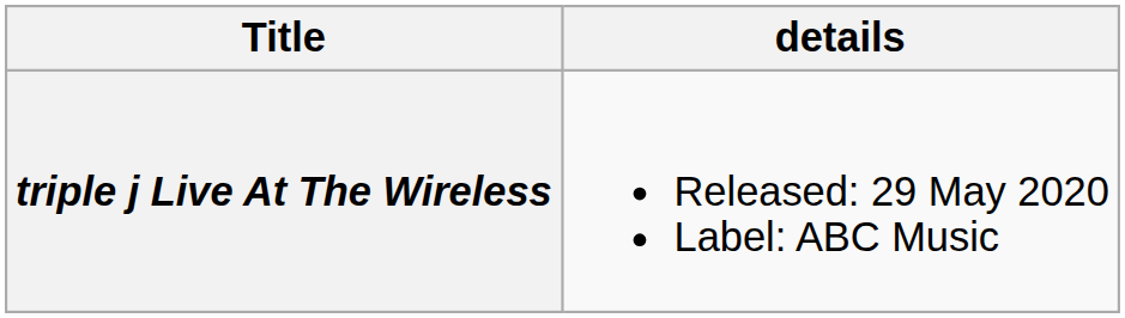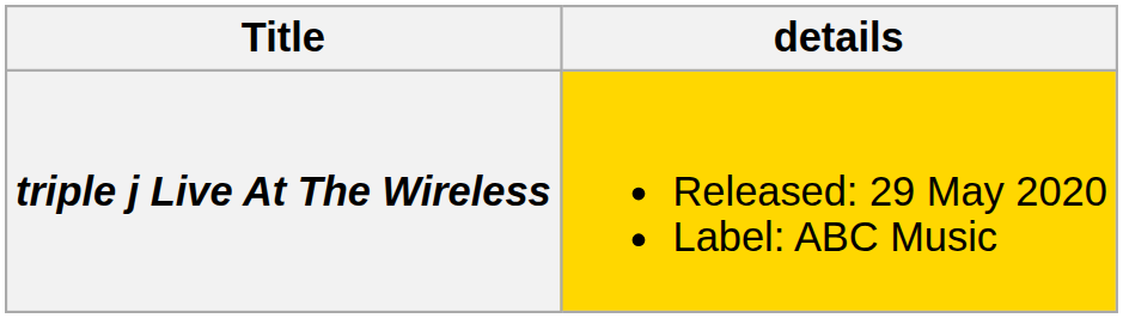 <table class="wikitable plainrowheaders">
 <tr>
 <th align="center" rowspan="1">Title</th>
 <th align="center" rowspan="1">details</th>
 </tr>
 <tr>
 <th scope="row"><em>triple j Live At The Wireless</em></th>
-<td><br><ul><li>Released: 29 May 2020</li><li>Label: ABC Music</li></ul></td>
+<td style="background: gold;"><br><ul><li>Released: 29 May 2020</li><li>Label: ABC Music</li></ul></td>
 </tr>
 </table>
